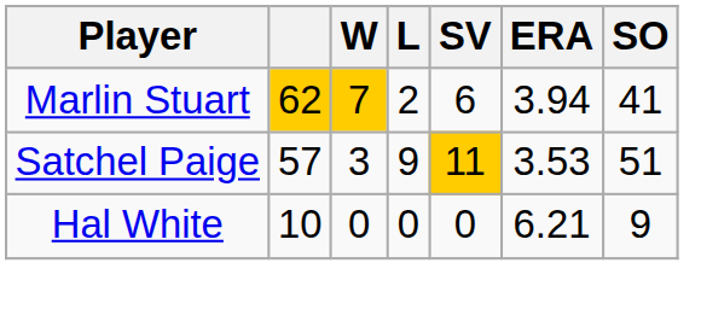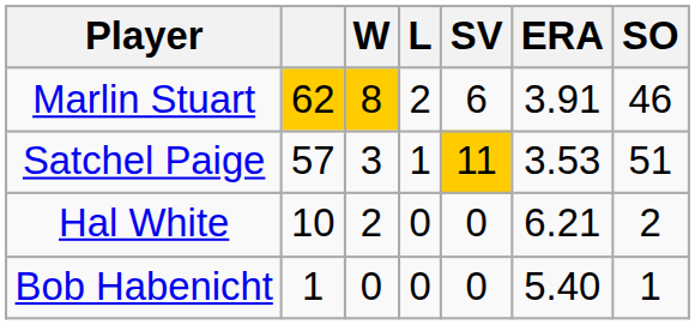 <table class="wikitable sortable">
 <tr>
 <th>Player</th>
 <th></th>
 <th>W</th>
 <th>L</th>
 <th>SV</th>
 <th>ERA</th>
 <th>SO</th>
 </tr>
 <tr align="center">
 <td><a href='#'>Marlin Stuart</a></td>
 <td style="background:#fc0;">62</td>
-<td style="background:#fc0;">7</td>
+<td style="background:#fc0;">8</td>
 <td>2</td>
 <td>6</td>
-<td>3.94</td>
-<td>41</td>
+<td>3.91</td>
+<td>46</td>
 </tr>
 <tr align=center>
 <td><a href='#'>Satchel Paige</a></td>
 <td>57</td>
 <td>3</td>
-<td>9</td>
+<td>1</td>
 <td style="background:#fc0;">11</td>
 <td>3.53</td>
 <td>51</td>
 </tr>
 <tr align=center>
 <td><a href='#'>Hal White</a></td>
 <td>10</td>
+<td>2</td>
+<td>0</td>
+<td>0</td>
+<td>6.21</td>
+<td>2</td>
+</tr>
+<tr align=center>
+<td><a href='#'>Bob Habenicht</a></td>
+<td>1</td>
 <td>0</td>
 <td>0</td>
 <td>0</td>
-<td>6.21</td>
-<td>9</td>
+<td>5.40</td>
+<td>1</td>
 </tr>
 </table>
